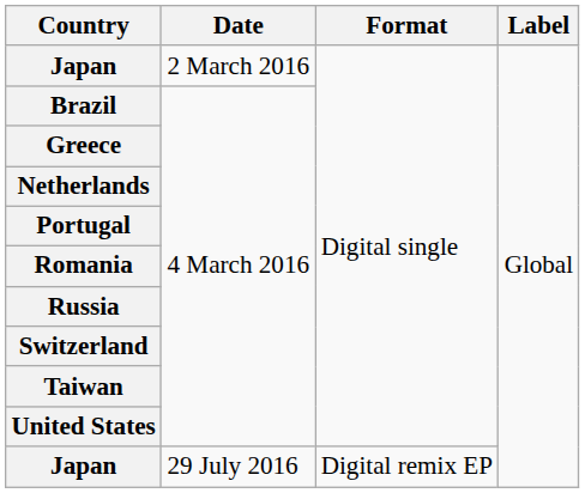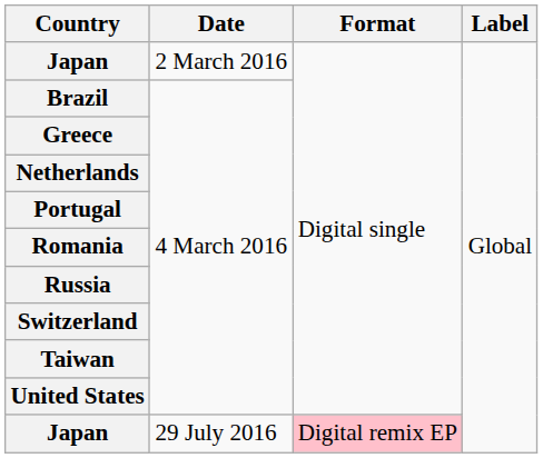 <table class="wikitable plainrowheaders unsortable">
 <tr>
 <th>Country</th>
 <th>Date</th>
 <th>Format</th>
 <th>Label</th>
 </tr>
 <tr>
 <th scope="row" rowspan="1">Japan</th>
 <td rowspan="1">2 March 2016</td>
 <td rowspan="10">Digital single</td>
 <td rowspan="11">Global</td>
 </tr>
 <tr>
 <th scope="row" rowspan="1">Brazil</th>
 <td rowspan="9">4 March 2016</td>
 </tr>
 <tr>
 <th scope="row" rowspan="1">Greece</th>
 </tr>
 <tr>
 <th scope="row" rowspan="1">Netherlands</th>
 </tr>
 <tr>
 <th scope="row" rowspan="1">Portugal</th>
 </tr>
 <tr>
 <th scope="row" rowspan="1">Romania</th>
 </tr>
 <tr>
 <th scope="row" rowspan="1">Russia</th>
 </tr>
 <tr>
 <th scope="row" rowspan="1">Switzerland</th>
 </tr>
 <tr>
 <th scope="row" rowspan="1">Taiwan</th>
 </tr>
 <tr>
 <th scope="row" rowspan="1">United States</th>
 </tr>
 <tr>
 <th scope="row" rowspan="1">Japan</th>
 <td>29 July 2016</td>
-<td>Digital remix EP</td>
+<td style="background: pink;">Digital remix EP</td>
 </tr>
 </table>
